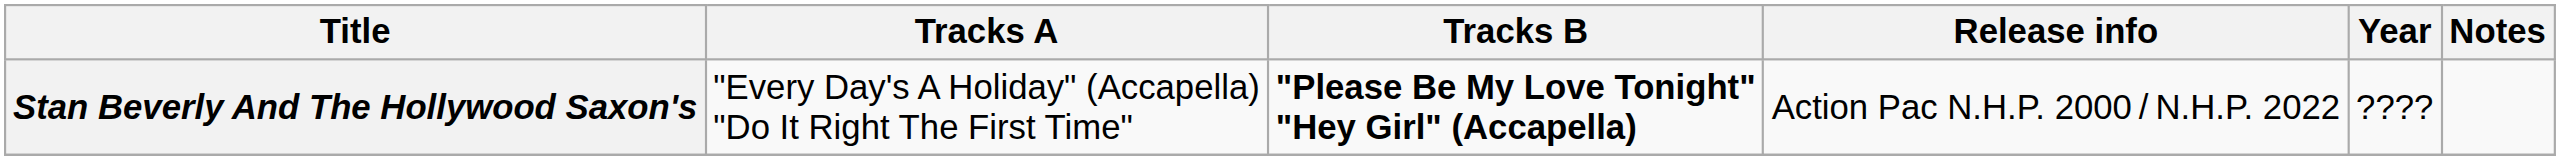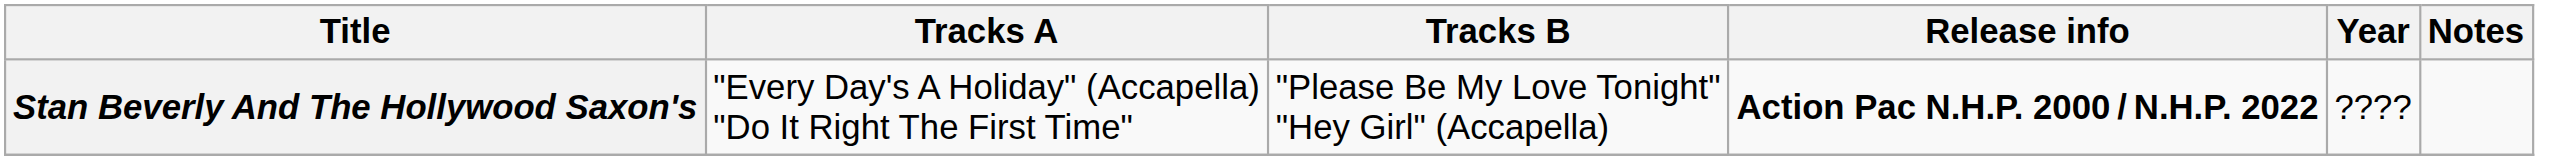 <table class="wikitable plainrowheaders sortable">
 <tr>
 <th scope="col">Title</th>
 <th scope="col">Tracks A</th>
 <th scope="col">Tracks B</th>
 <th scope="col">Release info</th>
 <th scope="col">Year</th>
 <th scope="col" class="unsortable">Notes</th>
 </tr>
 <tr>
 <th scope="row"><em>Stan Beverly And The Hollywood Saxon's</em></th>
 <td>"Every Day's A Holiday" (Accapella)<br>"Do It Right The First Time"</td>
-<td><strong>"Please Be My Love Tonight"<br>"Hey Girl" (Accapella)</strong></td>
-<td>Action Pac N.H.P. 2000 / N.H.P. 2022</td>
+<td>"Please Be My Love Tonight"<br>"Hey Girl" (Accapella)</td>
+<td><strong>Action Pac N.H.P. 2000 / N.H.P. 2022</strong></td>
 <td>????</td>
 <td></td>
 </tr>
 <tr>
 </tr>
 </table>
